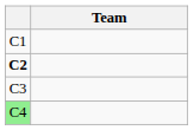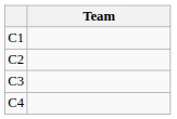 <table class="wikitable" style="display:inline-table;">
 <tr>
 <th></th>
 <th width=160>Team</th>
 </tr>
 <tr>
 <td align=center>C1</td>
 <td></td>
 </tr>
 <tr>
-<td align=center><strong>C2</strong></td>
+<td align=center>C2</td>
 <td></td>
 </tr>
 <tr>
 <td align=center>C3</td>
 <td></td>
 </tr>
 <tr>
-<td align=center style="background: lightgreen;">C4</td>
+<td align=center>C4</td>
 <td></td>
 </tr>
 </table>
